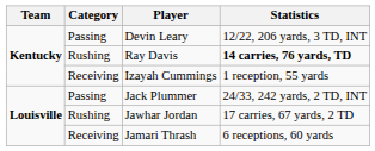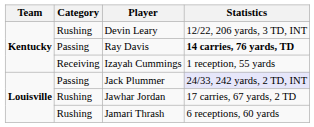 <table class="wikitable" style="float: right;">
 <tr>
 <th>Team</th>
 <th>Category</th>
 <th>Player</th>
 <th>Statistics</th>
 </tr>
 <tr>
 <td rowspan=3><strong>Kentucky</strong></td>
-<td>Passing</td>
+<td>Rushing</td>
 <td>Devin Leary</td>
 <td>12/22, 206 yards, 3 TD, INT</td>
 </tr>
 <tr>
-<td>Rushing</td>
+<td>Passing</td>
 <td>Ray Davis</td>
 <td><strong>14 carries, 76 yards, TD</strong></td>
 </tr>
 <tr>
 <td>Receiving</td>
 <td>Izayah Cummings</td>
 <td>1 reception, 55 yards</td>
 </tr>
 <tr>
 <td rowspan=3><strong>Louisville</strong></td>
 <td>Passing</td>
 <td>Jack Plummer</td>
-<td>24/33, 242 yards, 2 TD, INT</td>
+<td style="background: lavender;">24/33, 242 yards, 2 TD, INT</td>
 </tr>
 <tr>
 <td>Rushing</td>
 <td>Jawhar Jordan</td>
 <td>17 carries, 67 yards, 2 TD</td>
 </tr>
 <tr>
-<td>Receiving</td>
+<td>Rushing</td>
 <td>Jamari Thrash</td>
 <td>6 receptions, 60 yards</td>
 </tr>
 </table>
